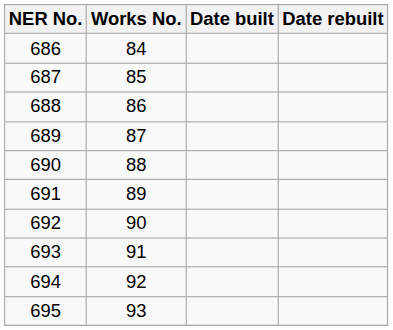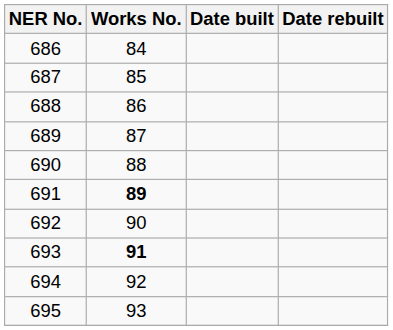 <table class="wikitable sortable" style=text-align:center>
 <tr>
 <th>NER No.</th>
 <th>Works No.</th>
 <th>Date built</th>
 <th>Date rebuilt</th>
 </tr>
 <tr>
 <td>686</td>
 <td>84</td>
 <td></td>
 <td></td>
 </tr>
 <tr>
 <td>687</td>
 <td>85</td>
 <td></td>
 <td></td>
 </tr>
 <tr>
 <td>688</td>
 <td>86</td>
 <td></td>
 <td></td>
 </tr>
 <tr>
 <td>689</td>
 <td>87</td>
 <td></td>
 <td></td>
 </tr>
 <tr>
 <td>690</td>
 <td>88</td>
 <td></td>
 <td></td>
 </tr>
 <tr>
 <td>691</td>
-<td>89</td>
+<td><strong>89</strong></td>
 <td></td>
 <td></td>
 </tr>
 <tr>
 <td>692</td>
 <td>90</td>
 <td></td>
 <td></td>
 </tr>
 <tr>
 <td>693</td>
-<td>91</td>
+<td><strong>91</strong></td>
 <td></td>
 <td></td>
 </tr>
 <tr>
 <td>694</td>
 <td>92</td>
 <td></td>
 <td></td>
 </tr>
 <tr>
 <td>695</td>
 <td>93</td>
 <td></td>
 <td></td>
 </tr>
 <tr>
 </tr>
 </table>
